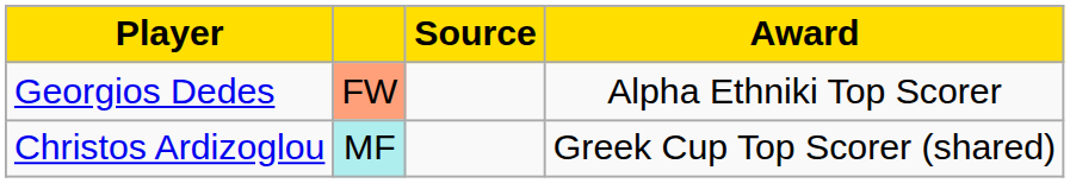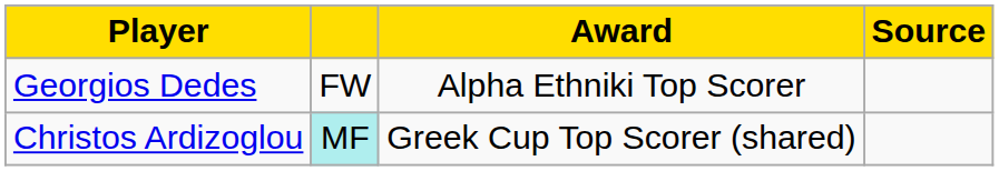 <table class="wikitable">
 <tr>
 <th style="background:#FFDE00">Player</th>
 <th style="background:#FFDE00"></th>
+<th style="background:#FFDE00">Award</th>
 <th style="background:#FFDE00">Source</th>
-<th style="background:#FFDE00">Award</th>
 </tr>
 <tr>
 <td> <a href='#'>Georgios Dedes</a></td>
-<td align="center" style="background: lightsalmon;">FW</td>
+<td align="center">FW</td>
+<td align="center">Alpha Ethniki Top Scorer</td>
 <td align="center"></td>
-<td align="center">Alpha Ethniki Top Scorer</td>
 </tr>
 <tr>
 <td> <a href='#'>Christos Ardizoglou</a></td>
 <td align="center" style="background: paleturquoise;">MF</td>
+<td align="center">Greek Cup Top Scorer (shared)</td>
 <td align="center"></td>
-<td align="center">Greek Cup Top Scorer (shared)</td>
 </tr>
 </table>
